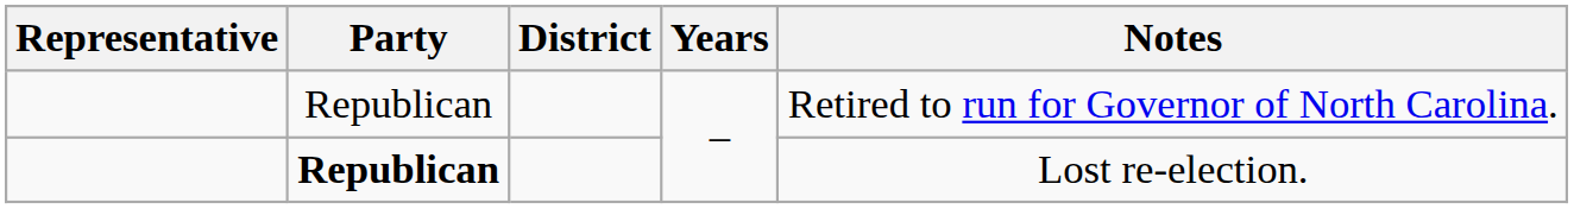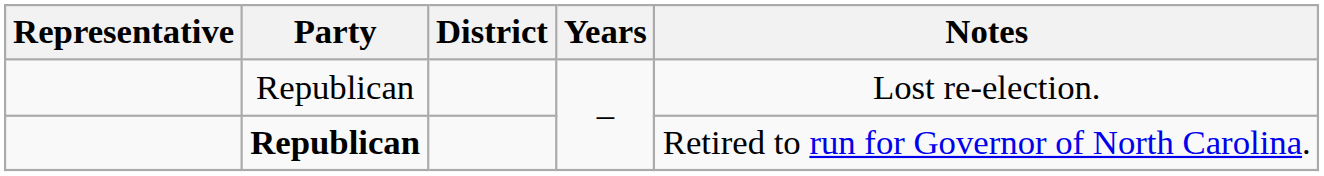 <table class="wikitable sortable" style="text-align:center">
 <tr valign=bottom>
 <th>Representative</th>
 <th>Party</th>
 <th>District</th>
 <th>Years</th>
 <th>Notes</th>
 </tr>
 <tr>
 <td align=left></td>
 <td>Republican</td>
 <td></td>
 <td rowspan="2" nowrap=""> –<br></td>
-<td>Retired to <a href='#'>run for Governor of North Carolina</a>.</td>
+<td>Lost re-election.</td>
 </tr>
 <tr>
 <td align=left></td>
 <td><strong>Republican</strong></td>
 <td></td>
-<td>Lost re-election.</td>
+<td>Retired to <a href='#'>run for Governor of North Carolina</a>.</td>
 </tr>
 </table>
